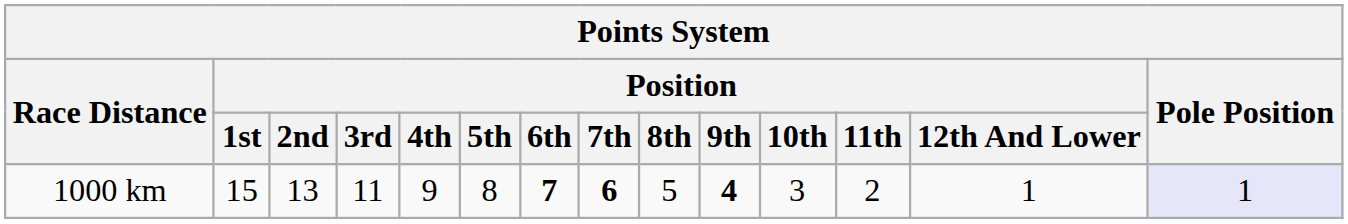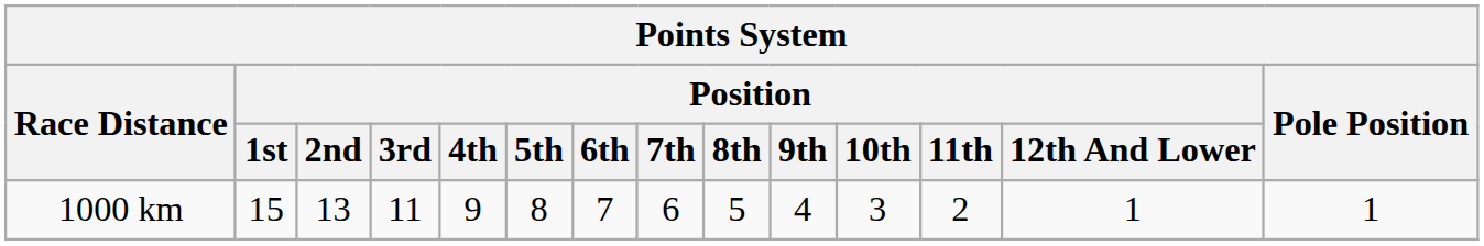 <table class="wikitable" style="font-size: 90%;">
 <tr>
 <th colspan=15>Points System</th>
 </tr>
 <tr>
 <th rowspan=2>Race Distance</th>
 <th colspan=12>Position</th>
 <th rowspan=2>Pole Position</th>
 </tr>
 <tr>
 <th>1st</th>
 <th>2nd</th>
 <th>3rd</th>
 <th>4th</th>
 <th>5th</th>
 <th>6th</th>
 <th>7th</th>
 <th>8th</th>
 <th>9th</th>
 <th>10th</th>
 <th>11th</th>
 <th>12th And Lower</th>
 </tr>
 <tr>
 <td align="center">1000 km</td>
 <td align="center">15</td>
 <td align="center">13</td>
 <td align="center">11</td>
 <td align="center">9</td>
 <td align="center">8</td>
-<td align="center"><strong>7</strong></td>
-<td align="center"><strong>6</strong></td>
+<td align="center">7</td>
+<td align="center">6</td>
 <td align="center">5</td>
-<td align="center"><strong>4</strong></td>
+<td align="center">4</td>
 <td align="center">3</td>
 <td align="center">2</td>
 <td align="center">1</td>
-<td align="center" style="background: lavender;">1</td>
+<td align="center">1</td>
 </tr>
 </table>
